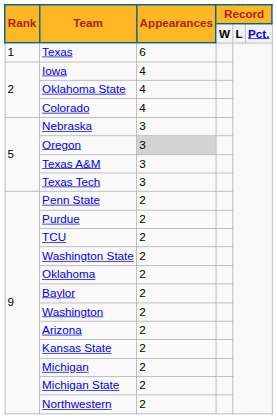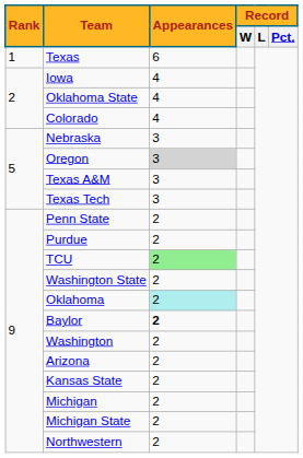 <table class="wikitable sortable">
 <tr>
 <th style="background:#FFB724; color:#AF2115; border: 2px solid #006986;" rowspan=2>Rank</th>
 <th style="background:#FFB724; color:#AF2115; border: 2px solid #006986;" rowspan=2>Team</th>
 <th style="background:#FFB724; color:#AF2115; border: 2px solid #006986;" rowspan=2>Appearances</th>
 <th style="background:#FFB724; color:#AF2115; border: 2px solid #006986;" colspan=3>Record</th>
 </tr>
 <tr>
 <th>W</th>
 <th>L</th>
 <th><a href='#'>Pct.</a></th>
 </tr>
 <tr>
 <td>1</td>
 <td><a href='#'>Texas</a></td>
 <td>6</td>
 <td></td>
 </tr>
 <tr>
 <td rowspan=3>2</td>
 <td><a href='#'>Iowa</a></td>
 <td>4</td>
 <td></td>
 </tr>
 <tr>
 <td><a href='#'>Oklahoma State</a></td>
 <td>4</td>
 <td></td>
 </tr>
 <tr>
 <td><a href='#'>Colorado</a></td>
 <td>4</td>
 <td></td>
 </tr>
 <tr>
 <td rowspan=4>5</td>
 <td><a href='#'>Nebraska</a></td>
 <td>3</td>
 <td></td>
 </tr>
 <tr>
 <td><a href='#'>Oregon</a></td>
 <td style="background: lightgrey;">3</td>
 <td></td>
 </tr>
 <tr>
 <td><a href='#'>Texas A&M</a></td>
 <td>3</td>
 <td></td>
 </tr>
 <tr>
 <td><a href='#'>Texas Tech</a></td>
 <td>3</td>
 <td></td>
 </tr>
 <tr>
 <td rowspan=12>9</td>
 <td><a href='#'>Penn State</a></td>
 <td>2</td>
 <td></td>
 </tr>
 <tr>
 <td><a href='#'>Purdue</a></td>
 <td>2</td>
 <td></td>
 </tr>
 <tr>
 <td><a href='#'>TCU</a></td>
-<td>2</td>
+<td style="background: lightgreen;">2</td>
 <td></td>
 </tr>
 <tr>
 <td><a href='#'>Washington State</a></td>
 <td>2</td>
 <td></td>
 </tr>
 <tr>
 <td><a href='#'>Oklahoma</a></td>
-<td>2</td>
+<td style="background: paleturquoise;">2</td>
 <td></td>
 </tr>
 <tr>
 <td><a href='#'>Baylor</a></td>
-<td>2</td>
+<td><strong>2</strong></td>
 <td></td>
 </tr>
 <tr>
 <td><a href='#'>Washington</a></td>
 <td>2</td>
 <td></td>
 </tr>
 <tr>
 <td><a href='#'>Arizona</a></td>
 <td>2</td>
 <td></td>
 </tr>
 <tr>
 <td><a href='#'>Kansas State</a></td>
 <td>2</td>
 <td></td>
 </tr>
 <tr>
 <td><a href='#'>Michigan</a></td>
 <td>2</td>
 <td></td>
 </tr>
 <tr>
 <td><a href='#'>Michigan State</a></td>
 <td>2</td>
 <td></td>
 </tr>
 <tr>
 <td><a href='#'>Northwestern</a></td>
 <td>2</td>
 <td></td>
 </tr>
 </table>
